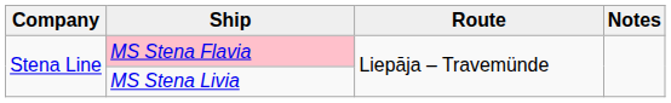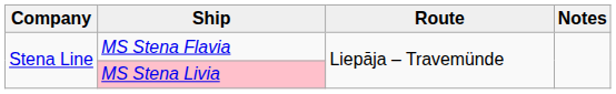 <table class="wikitable">
 <tr>
 <th>Company</th>
 <th style="background: #efefef; border-bottom: 1px;width:200px;">Ship</th>
 <th style="background: #efefef; border-bottom: 1px;width:200px;">Route</th>
 <th>Notes</th>
 </tr>
 <tr>
 <td rowspan="2"> <a href='#'>Stena Line</a></td>
-<td rowspan="1" style="background: pink;"><em><a href='#'>MS Stena Flavia</a></em></td>
+<td rowspan="1"><em><a href='#'>MS Stena Flavia</a></em></td>
 <td rowspan="2">Liepāja – Travemünde</td>
 </tr>
 <tr>
-<td rowspan="1"><em><a href='#'>MS Stena Livia</a></em></td>
+<td rowspan="1" style="background: pink;"><em><a href='#'>MS Stena Livia</a></em></td>
 </tr>
 </table>
